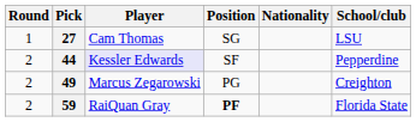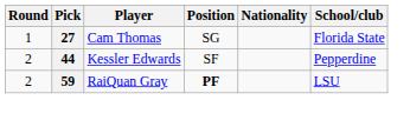 <table class="wikitable">
 <tr>
 <th scope="col">Round</th>
 <th scope="col">Pick</th>
 <th scope="col">Player</th>
 <th scope="col">Position</th>
 <th scope="col">Nationality</th>
 <th scope="col">School/club</th>
 </tr>
 <tr>
 <td style="text-align:center;">1</td>
 <th scope="row">27</th>
 <td><a href='#'>Cam Thomas</a></td>
 <td style="text-align:center;">SG</td>
 <td></td>
-<td><a href='#'>LSU</a></td>
+<td><a href='#'>Florida State</a></td>
 </tr>
 <tr>
 <td style="text-align:center;">2</td>
 <th scope="row">44</th>
-<td style="background: lavender;"><a href='#'>Kessler Edwards</a></td>
+<td><a href='#'>Kessler Edwards</a></td>
 <td style="text-align:center;">SF</td>
 <td></td>
 <td><a href='#'>Pepperdine</a></td>
-</tr>
-<tr>
-<td style="text-align:center;">2</td>
-<th scope="row">49</th>
-<td><a href='#'>Marcus Zegarowski</a></td>
-<td style="text-align:center;">PG</td>
-<td></td>
-<td><a href='#'>Creighton</a></td>
 </tr>
 <tr>
 <td style="text-align:center;">2</td>
 <th scope="row">59</th>
 <td><a href='#'>RaiQuan Gray</a></td>
 <td style="text-align:center;"><strong>PF</strong></td>
 <td></td>
-<td><a href='#'>Florida State</a></td>
+<td><a href='#'>LSU</a></td>
 </tr>
 </table>
